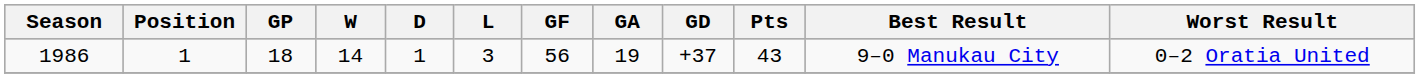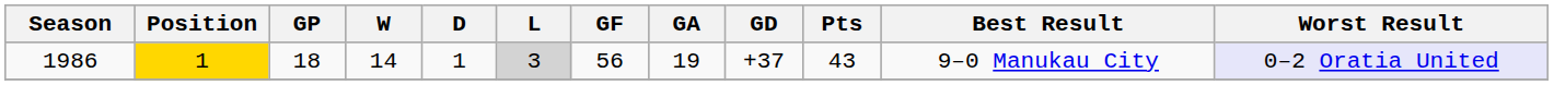 <table class="wikitable sortable">
 <tr>
 <th width=70>Season</th>
 <th width=70>Position</th>
 <th width=40>GP</th>
 <th width=40>W</th>
 <th width=40>D</th>
 <th width=40>L</th>
 <th width=40>GF</th>
 <th width=40>GA</th>
 <th width=40>GD</th>
 <th width=40>Pts</th>
 <th width=200 class="unsortable">Best Result</th>
 <th width=200 class="unsortable">Worst Result</th>
 </tr>
 <tr>
 <td align=center>1986</td>
-<td align=center>1</td>
+<td align=center style="background: gold;">1</td>
 <td align=center>18</td>
 <td align=center>14</td>
 <td align=center>1</td>
-<td align=center>3</td>
+<td align=center style="background: lightgrey;">3</td>
 <td align=center>56</td>
 <td align=center>19</td>
 <td align=center>+37</td>
 <td align=center>43</td>
 <td align=center>9–0 <a href='#'>Manukau City</a></td>
-<td align=center>0–2 <a href='#'>Oratia United</a></td>
+<td align=center style="background: lavender;">0–2 <a href='#'>Oratia United</a></td>
 </tr>
 <tr>
 </tr>
 </table>
